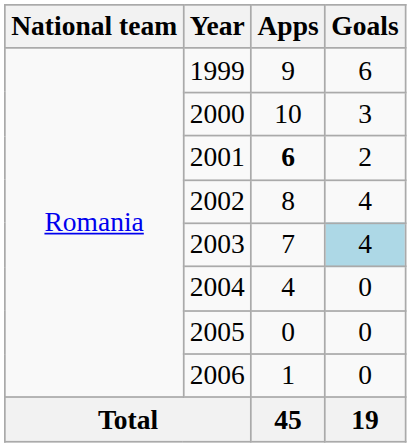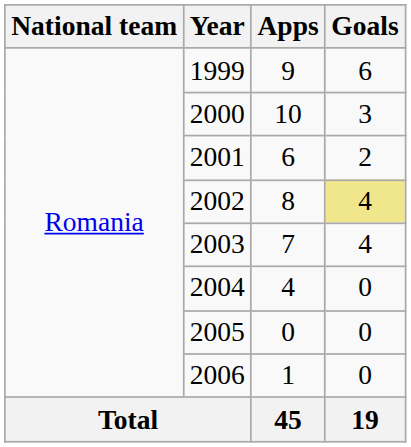 <table class="wikitable" style="text-align:center">
 <tr>
 <th>National team</th>
 <th>Year</th>
 <th>Apps</th>
 <th>Goals</th>
 </tr>
 <tr>
 <td rowspan="8"><a href='#'>Romania</a></td>
 <td>1999</td>
 <td>9</td>
 <td>6</td>
 </tr>
 <tr>
 <td>2000</td>
 <td>10</td>
 <td>3</td>
 </tr>
 <tr>
 <td>2001</td>
-<td><strong>6</strong></td>
+<td>6</td>
 <td>2</td>
 </tr>
 <tr>
 <td>2002</td>
 <td>8</td>
-<td>4</td>
+<td style="background: khaki;">4</td>
 </tr>
 <tr>
 <td>2003</td>
 <td>7</td>
-<td style="background: lightblue;">4</td>
+<td>4</td>
 </tr>
 <tr>
 <td>2004</td>
 <td>4</td>
 <td>0</td>
 </tr>
 <tr>
 <td>2005</td>
 <td>0</td>
 <td>0</td>
 </tr>
 <tr>
 <td>2006</td>
 <td>1</td>
 <td>0</td>
 </tr>
 <tr>
 <th colspan="2">Total</th>
 <th>45</th>
 <th>19</th>
 </tr>
 </table>
